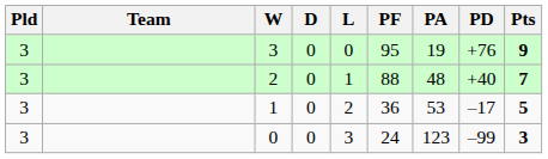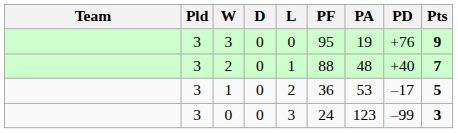 <table class="wikitable" style="text-align:center;">
 <tr>
+<th width=175>Team</th>
 <th width=25 abbr="Played">Pld</th>
-<th width=175>Team</th>
 <th width=25 abbr="Won">W</th>
 <th width=25 abbr="Drawn">D</th>
 <th width=25 abbr="Lost">L</th>
 <th width=32 abbr="Points for">PF</th>
 <th width=32 abbr="Points against">PA</th>
 <th width=32 abbr="Points difference">PD</th>
 <th width=25 abbr="Points">Pts</th>
 </tr>
 <tr bgcolor=ccffcc>
+<td align=left></td>
 <td>3</td>
-<td align=left></td>
 <td>3</td>
 <td>0</td>
 <td>0</td>
 <td>95</td>
 <td>19</td>
 <td>+76</td>
 <td><strong>9</strong></td>
 </tr>
 <tr bgcolor=ccffcc>
+<td align=left></td>
 <td>3</td>
-<td align=left></td>
 <td>2</td>
 <td>0</td>
 <td>1</td>
 <td>88</td>
 <td>48</td>
 <td>+40</td>
 <td><strong>7</strong></td>
 </tr>
 <tr>
+<td align=left></td>
 <td>3</td>
-<td align=left></td>
 <td>1</td>
 <td>0</td>
 <td>2</td>
 <td>36</td>
 <td>53</td>
 <td>–17</td>
 <td><strong>5</strong></td>
 </tr>
 <tr>
+<td align=left></td>
 <td>3</td>
-<td align=left></td>
 <td>0</td>
 <td>0</td>
 <td>3</td>
 <td>24</td>
 <td>123</td>
 <td>–99</td>
 <td><strong>3</strong></td>
 </tr>
 </table>
